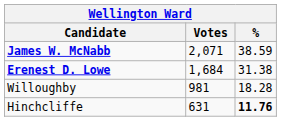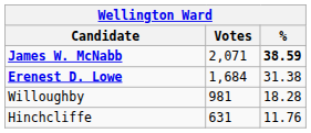 <table class="wikitable">
 <tr>
 <th colspan="3"><a href='#'>Wellington Ward</a></th>
 </tr>
 <tr>
 <th style="width: 200px">Candidate</th>
 <th style="width: 50px">Votes</th>
 <th style="width: 40px">%</th>
 </tr>
 <tr>
 <td><strong><a href='#'>James W. McNabb</a></strong></td>
 <td>2,071</td>
-<td>38.59</td>
+<td><strong>38.59</strong></td>
 </tr>
 <tr>
 <td><strong><a href='#'>Erenest D. Lowe</a></strong></td>
 <td>1,684</td>
 <td>31.38</td>
 </tr>
 <tr>
 <td>Willoughby</td>
 <td>981</td>
 <td>18.28</td>
 </tr>
 <tr>
 <td>Hinchcliffe</td>
 <td>631</td>
-<td><strong>11.76</strong></td>
+<td>11.76</td>
 </tr>
 </table>
